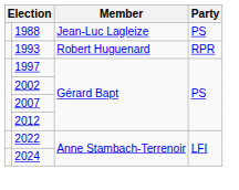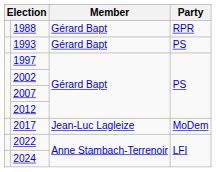 <table class="wikitable">
 <tr>
 <th colspan="2">Election</th>
 <th>Member</th>
 <th>Party</th>
 </tr>
 <tr>
 <td style="color:inherit;background-color:"></td>
 <td><a href='#'>1988</a></td>
-<td><a href='#'>Jean-Luc Lagleize</a></td>
-<td><a href='#'>PS</a></td>
+<td><a href='#'>Gérard Bapt</a></td>
+<td><a href='#'>RPR</a></td>
 </tr>
 <tr>
 <td style="color:inherit;background-color:"></td>
 <td><a href='#'>1993</a></td>
-<td><a href='#'>Robert Huguenard</a></td>
-<td><a href='#'>RPR</a></td>
+<td><a href='#'>Gérard Bapt</a></td>
+<td><a href='#'>PS</a></td>
 </tr>
 <tr>
 <td rowspan="4" style="color:inherit;background-color:"></td>
 <td><a href='#'>1997</a></td>
 <td rowspan="4"><a href='#'>Gérard Bapt</a></td>
 <td rowspan="4"><a href='#'>PS</a></td>
 </tr>
 <tr>
 <td><a href='#'>2002</a></td>
 </tr>
 <tr>
 <td><a href='#'>2007</a></td>
 </tr>
 <tr>
 <td><a href='#'>2012</a></td>
 </tr>
 <tr>
+<td style="color:inherit;background-color: "></td>
+<td><a href='#'>2017</a></td>
+<td><a href='#'>Jean-Luc Lagleize</a></td>
+<td><a href='#'>MoDem</a></td>
+</tr>
+<tr>
 <td style="color:inherit;background:"></td>
 <td><a href='#'>2022</a></td>
 <td rowspan="2"><a href='#'>Anne Stambach-Terrenoir</a></td>
 <td rowspan="2"><a href='#'>LFI</a></td>
 </tr>
 <tr>
 <td style="color:inherit;background:"></td>
 <td><a href='#'>2024</a></td>
 </tr>
 </table>
